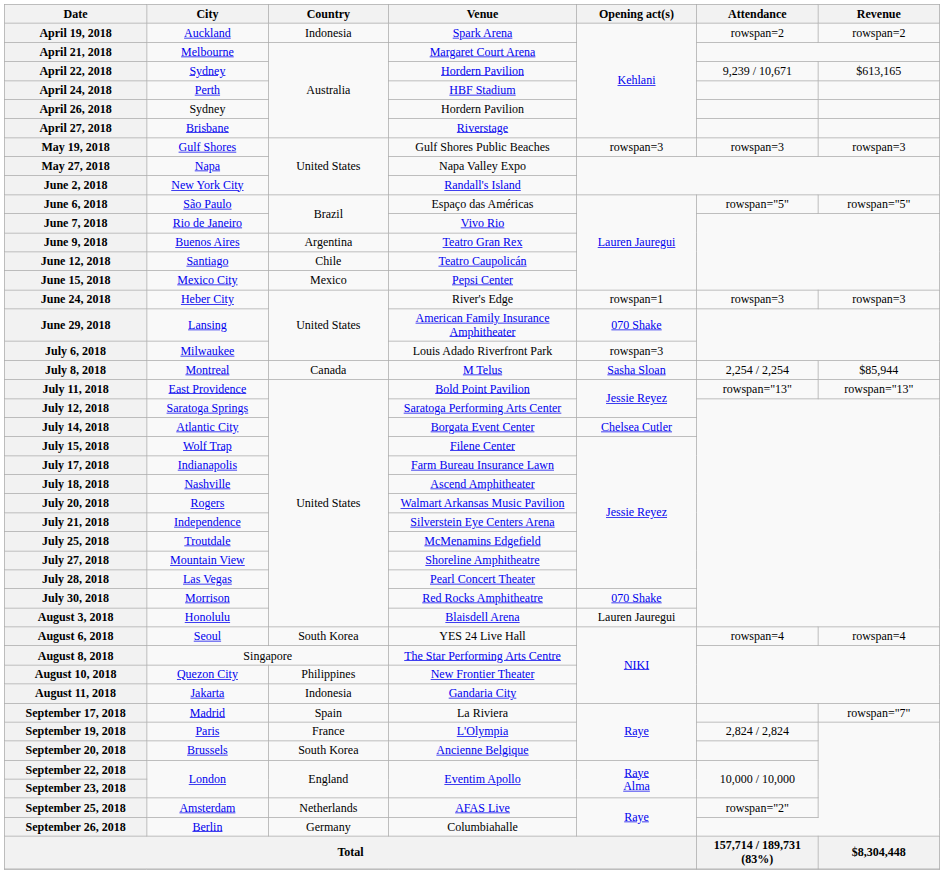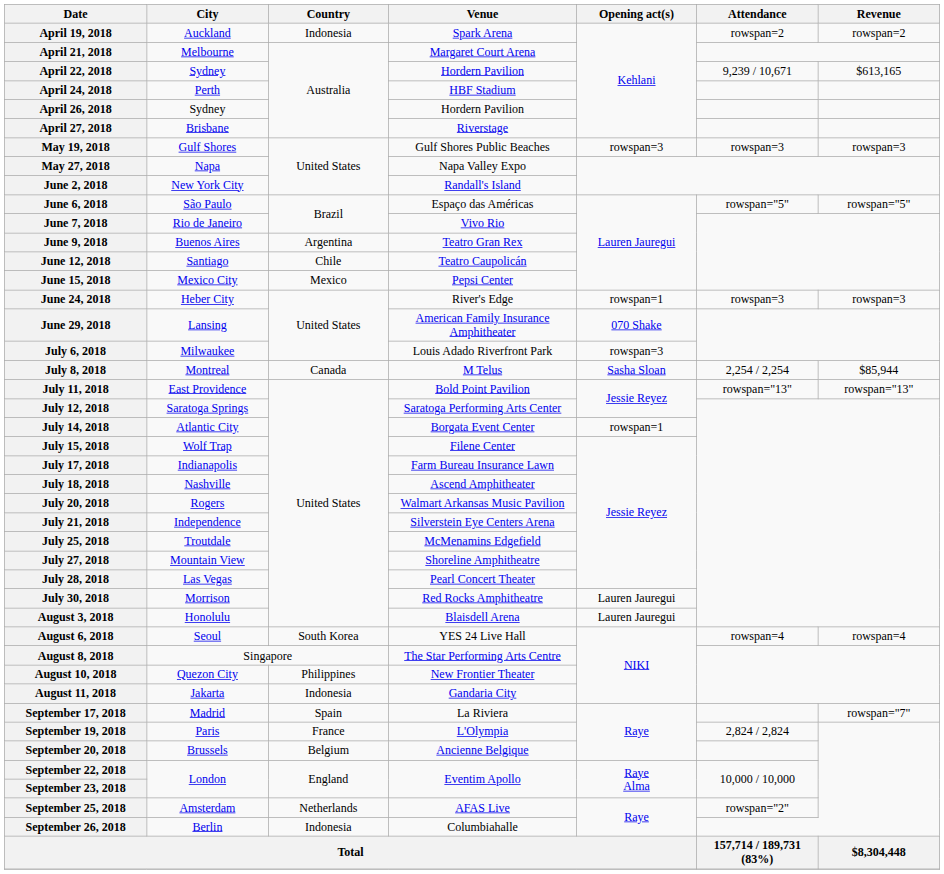 <table class="wikitable plainrowheaders" style="text-align:center;">
 <tr>
 <th scope="col" style="width:12em;">Date</th>
 <th scope="col" style="width:10em;">City</th>
 <th scope="col" style="width:10em;">Country</th>
 <th scope="col" style="width:16em;">Venue</th>
 <th scope="col" style="width:10em;">Opening act(s)</th>
 <th scope="col" style="width:10em;">Attendance</th>
 <th scope="col" style="width:10em;">Revenue</th>
 </tr>
 <tr>
 <th scope="row" style="text-align:center;">April 19, 2018</th>
 <td><a href='#'>Auckland</a></td>
 <td>Indonesia</td>
 <td><a href='#'>Spark Arena</a></td>
 <td rowspan="6"><a href='#'>Kehlani</a></td>
 <td>rowspan=2 </td>
 <td>rowspan=2 </td>
 </tr>
 <tr>
 <th scope="row" style="text-align:center;">April 21, 2018</th>
 <td><a href='#'>Melbourne</a></td>
 <td rowspan="5">Australia</td>
 <td><a href='#'>Margaret Court Arena</a></td>
 </tr>
 <tr>
 <th scope="row" style="text-align:center;">April 22, 2018</th>
 <td><a href='#'>Sydney</a></td>
 <td><a href='#'>Hordern Pavilion</a></td>
 <td>9,239 / 10,671</td>
 <td>$613,165</td>
 </tr>
 <tr>
 <th scope="row" style="text-align:center;">April 24, 2018</th>
 <td><a href='#'>Perth</a></td>
 <td><a href='#'>HBF Stadium</a></td>
 <td></td>
 <td></td>
 </tr>
 <tr>
 <th scope="row" style="text-align:center;">April 26, 2018</th>
 <td>Sydney</td>
 <td>Hordern Pavilion</td>
 <td></td>
 <td></td>
 </tr>
 <tr>
 <th scope="row" style="text-align:center;">April 27, 2018</th>
 <td><a href='#'>Brisbane</a></td>
 <td><a href='#'>Riverstage</a></td>
 <td></td>
 <td></td>
 </tr>
 <tr>
 <th scope="row" style="text-align:center;">May 19, 2018</th>
 <td><a href='#'>Gulf Shores</a></td>
 <td rowspan="3">United States</td>
 <td>Gulf Shores Public Beaches</td>
 <td>rowspan=3 </td>
 <td>rowspan=3 </td>
 <td>rowspan=3 </td>
 </tr>
 <tr>
 <th scope="row" style="text-align:center;">May 27, 2018</th>
 <td><a href='#'>Napa</a></td>
 <td>Napa Valley Expo</td>
 </tr>
 <tr>
 <th scope="row" style="text-align:center;">June 2, 2018</th>
 <td><a href='#'>New York City</a></td>
 <td><a href='#'>Randall's Island</a></td>
 </tr>
 <tr>
 <th scope="row" style="text-align:center;">June 6, 2018</th>
 <td><a href='#'>São Paulo</a></td>
 <td rowspan="2">Brazil</td>
 <td>Espaço das Américas</td>
 <td rowspan="5"><a href='#'>Lauren Jauregui</a></td>
 <td>rowspan="5" </td>
 <td>rowspan="5" </td>
 </tr>
 <tr>
 <th scope="row" style="text-align:center;">June 7, 2018</th>
 <td><a href='#'>Rio de Janeiro</a></td>
 <td><a href='#'>Vivo Rio</a></td>
 </tr>
 <tr>
 <th scope="row" style="text-align:center;">June 9, 2018</th>
 <td><a href='#'>Buenos Aires</a></td>
 <td>Argentina</td>
 <td><a href='#'>Teatro Gran Rex</a></td>
 </tr>
 <tr>
 <th scope="row" style="text-align:center;">June 12, 2018</th>
 <td><a href='#'>Santiago</a></td>
 <td>Chile</td>
 <td><a href='#'>Teatro Caupolicán</a></td>
 </tr>
 <tr>
 <th scope="row" style="text-align:center;">June 15, 2018</th>
 <td><a href='#'>Mexico City</a></td>
 <td>Mexico</td>
 <td><a href='#'>Pepsi Center</a></td>
 </tr>
 <tr>
 <th scope="row" style="text-align:center;">June 24, 2018</th>
 <td><a href='#'>Heber City</a></td>
 <td rowspan="3">United States</td>
 <td>River's Edge</td>
 <td>rowspan=1 </td>
 <td>rowspan=3 </td>
 <td>rowspan=3 </td>
 </tr>
 <tr>
 <th scope="row" style="text-align:center;">June 29, 2018</th>
 <td><a href='#'>Lansing</a></td>
 <td><a href='#'>American Family Insurance Amphitheater</a></td>
 <td><a href='#'>070 Shake</a></td>
 </tr>
 <tr>
 <th scope="row" style="text-align:center;">July 6, 2018</th>
 <td><a href='#'>Milwaukee</a></td>
 <td>Louis Adado Riverfront Park</td>
 <td>rowspan=3 </td>
 </tr>
 <tr>
 <th scope="row" style="text-align:center;">July 8, 2018</th>
 <td><a href='#'>Montreal</a></td>
 <td>Canada</td>
 <td><a href='#'>M Telus</a></td>
 <td><a href='#'>Sasha Sloan</a></td>
 <td>2,254 / 2,254</td>
 <td>$85,944</td>
 </tr>
 <tr>
 <th scope="row" style="text-align:center;">July 11, 2018</th>
 <td><a href='#'>East Providence</a></td>
 <td rowspan="13">United States</td>
 <td><a href='#'>Bold Point Pavilion</a></td>
 <td rowspan="2"><a href='#'>Jessie Reyez</a></td>
 <td>rowspan="13" </td>
 <td>rowspan="13" </td>
 </tr>
 <tr>
 <th scope="row" style="text-align:center;">July 12, 2018</th>
 <td><a href='#'>Saratoga Springs</a></td>
 <td><a href='#'>Saratoga Performing Arts Center</a></td>
 </tr>
 <tr>
 <th scope="row" style="text-align:center;">July 14, 2018</th>
 <td><a href='#'>Atlantic City</a></td>
 <td><a href='#'>Borgata Event Center</a></td>
-<td><a href='#'>Chelsea Cutler</a></td>
+<td>rowspan=1 </td>
 </tr>
 <tr>
 <th scope="row" style="text-align:center;">July 15, 2018</th>
 <td><a href='#'>Wolf Trap</a></td>
 <td><a href='#'>Filene Center</a></td>
 <td rowspan="8"><a href='#'>Jessie Reyez</a></td>
 </tr>
 <tr>
 <th scope="row" style="text-align:center;">July 17, 2018</th>
 <td><a href='#'>Indianapolis</a></td>
 <td><a href='#'>Farm Bureau Insurance Lawn</a></td>
 </tr>
 <tr>
 <th scope="row" style="text-align:center;">July 18, 2018</th>
 <td><a href='#'>Nashville</a></td>
 <td><a href='#'>Ascend Amphitheater</a></td>
 </tr>
 <tr>
 <th scope="row" style="text-align:center;">July 20, 2018</th>
 <td><a href='#'>Rogers</a></td>
 <td><a href='#'>Walmart Arkansas Music Pavilion</a></td>
 </tr>
 <tr>
 <th scope="row" style="text-align:center;">July 21, 2018</th>
 <td><a href='#'>Independence</a></td>
 <td><a href='#'>Silverstein Eye Centers Arena</a></td>
 </tr>
 <tr>
 <th scope="row" style="text-align:center;">July 25, 2018</th>
 <td><a href='#'>Troutdale</a></td>
 <td><a href='#'>McMenamins Edgefield</a></td>
 </tr>
 <tr>
 <th scope="row" style="text-align:center;">July 27, 2018</th>
 <td><a href='#'>Mountain View</a></td>
 <td><a href='#'>Shoreline Amphitheatre</a></td>
 </tr>
 <tr>
 <th scope="row" style="text-align:center;">July 28, 2018</th>
 <td><a href='#'>Las Vegas</a></td>
 <td><a href='#'>Pearl Concert Theater</a></td>
 </tr>
 <tr>
 <th scope="row" style="text-align:center;">July 30, 2018</th>
 <td><a href='#'>Morrison</a></td>
 <td><a href='#'>Red Rocks Amphitheatre</a></td>
-<td><a href='#'>070 Shake</a></td>
+<td>Lauren Jauregui</td>
 </tr>
 <tr>
 <th scope="row" style="text-align:center;">August 3, 2018</th>
 <td><a href='#'>Honolulu</a></td>
 <td><a href='#'>Blaisdell Arena</a></td>
 <td>Lauren Jauregui</td>
 </tr>
 <tr>
 <th scope="row" style="text-align:center;">August 6, 2018</th>
 <td><a href='#'>Seoul</a></td>
 <td>South Korea</td>
 <td>YES 24 Live Hall</td>
 <td rowspan="4"><a href='#'>NIKI</a></td>
 <td>rowspan=4 </td>
 <td>rowspan=4 </td>
 </tr>
 <tr>
 <th scope="row" style="text-align:center;">August 8, 2018</th>
 <td colspan="2">Singapore</td>
 <td><a href='#'>The Star Performing Arts Centre</a></td>
 </tr>
 <tr>
 <th scope="row" style="text-align:center;">August 10, 2018</th>
 <td><a href='#'>Quezon City</a></td>
 <td>Philippines</td>
 <td><a href='#'>New Frontier Theater</a></td>
 </tr>
 <tr>
 <th scope="row" style="text-align:center;">August 11, 2018</th>
 <td><a href='#'>Jakarta</a></td>
 <td>Indonesia</td>
 <td><a href='#'>Gandaria City</a></td>
 </tr>
 <tr>
 <th scope="row" style="text-align:center;">September 17, 2018</th>
 <td><a href='#'>Madrid</a></td>
 <td>Spain</td>
 <td>La Riviera</td>
 <td rowspan="3"><a href='#'>Raye</a></td>
 <td></td>
 <td>rowspan="7" </td>
 </tr>
 <tr>
 <th scope="row" style="text-align:center;">September 19, 2018</th>
 <td><a href='#'>Paris</a></td>
 <td>France</td>
 <td><a href='#'>L'Olympia</a></td>
 <td>2,824 / 2,824</td>
 </tr>
 <tr>
 <th scope="row" style="text-align:center;">September 20, 2018</th>
 <td><a href='#'>Brussels</a></td>
-<td>South Korea</td>
+<td>Belgium</td>
 <td><a href='#'>Ancienne Belgique</a></td>
 <td></td>
 </tr>
 <tr>
 <th scope="row" style="text-align:center;">September 22, 2018</th>
 <td rowspan="2"><a href='#'>London</a></td>
 <td rowspan="2">England</td>
 <td rowspan="2"><a href='#'>Eventim Apollo</a></td>
 <td rowspan="2"><a href='#'>Raye</a><br><a href='#'>Alma</a></td>
 <td rowspan="2">10,000 / 10,000</td>
 </tr>
 <tr>
 <th scope="row" style="text-align:center;">September 23, 2018</th>
 </tr>
 <tr>
 <th scope="row" style="text-align:center;">September 25, 2018</th>
 <td><a href='#'>Amsterdam</a></td>
 <td>Netherlands</td>
 <td><a href='#'>AFAS Live</a></td>
 <td rowspan="2"><a href='#'>Raye</a></td>
 <td>rowspan="2" </td>
 </tr>
 <tr>
 <th scope="row" style="text-align:center;">September 26, 2018</th>
 <td><a href='#'>Berlin</a></td>
-<td>Germany</td>
+<td>Indonesia</td>
 <td>Columbiahalle</td>
 </tr>
 <tr>
 <th colspan="5">Total</th>
 <th>157,714 / 189,731 (83%)</th>
 <th>$8,304,448</th>
 </tr>
 <tr>
 </tr>
 </table>
